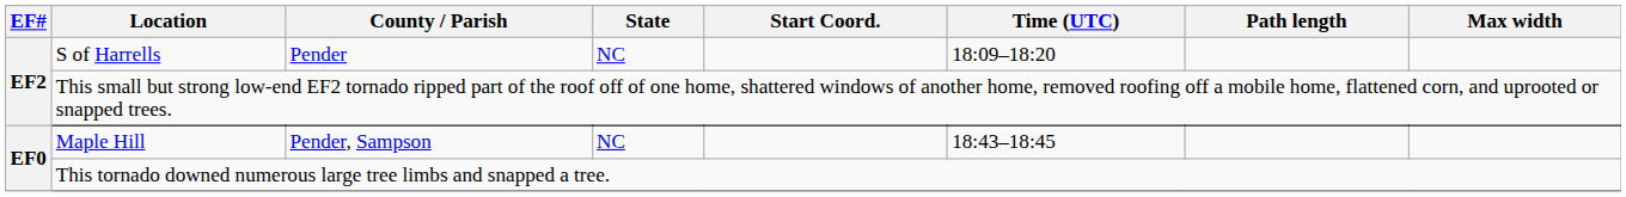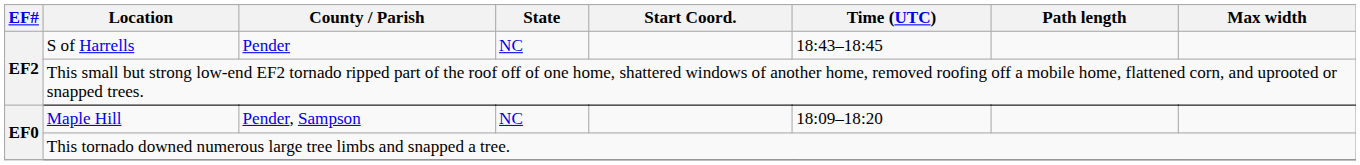 <table class="wikitable sortable" style="width:100%;">
 <tr>
 <th scope="col" width="2%" align="center"><a href='#'>EF#</a></th>
 <th scope="col" align="center" class="unsortable">Location</th>
 <th scope="col" align="center" class="unsortable">County / Parish</th>
 <th scope="col" align="center">State</th>
 <th scope="col" align="center">Start Coord.</th>
 <th scope="col" align="center">Time (<a href='#'>UTC</a>)</th>
 <th scope="col" align="center">Path length</th>
 <th scope="col" align="center">Max width</th>
 </tr>
 <tr>
 <th scope="row" rowspan="2" style="background-color:#">EF2</th>
 <td>S of <a href='#'>Harrells</a></td>
 <td><a href='#'>Pender</a></td>
 <td><a href='#'>NC</a></td>
 <td></td>
-<td>18:09–18:20</td>
+<td>18:43–18:45</td>
 <td></td>
 <td></td>
 </tr>
 <tr class="expand-child">
 <td colspan="8" style=" border-bottom: 1px solid black;">This small but strong low-end EF2 tornado ripped part of the roof off of one home, shattered windows of another home, removed roofing off a mobile home, flattened corn, and uprooted or snapped trees.</td>
 </tr>
 <tr>
 <th scope="row" rowspan="2" style="background-color:#">EF0</th>
 <td><a href='#'>Maple Hill</a></td>
 <td><a href='#'>Pender</a>, <a href='#'>Sampson</a></td>
 <td><a href='#'>NC</a></td>
 <td></td>
-<td>18:43–18:45</td>
+<td>18:09–18:20</td>
 <td></td>
 <td></td>
 </tr>
 <tr class="expand-child">
 <td colspan="8" style=" border-bottom: 1px solid black;">This tornado downed numerous large tree limbs and snapped a tree.</td>
 </tr>
 <tr>
 </tr>
 </table>
